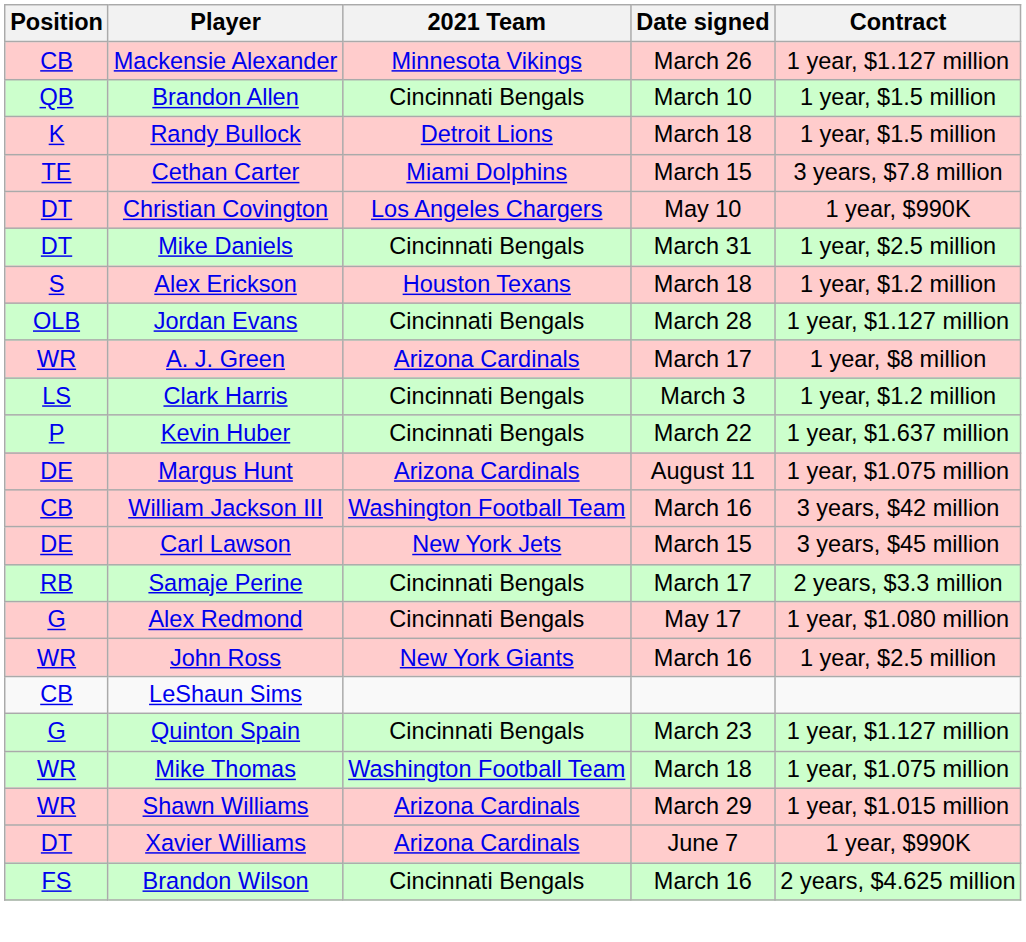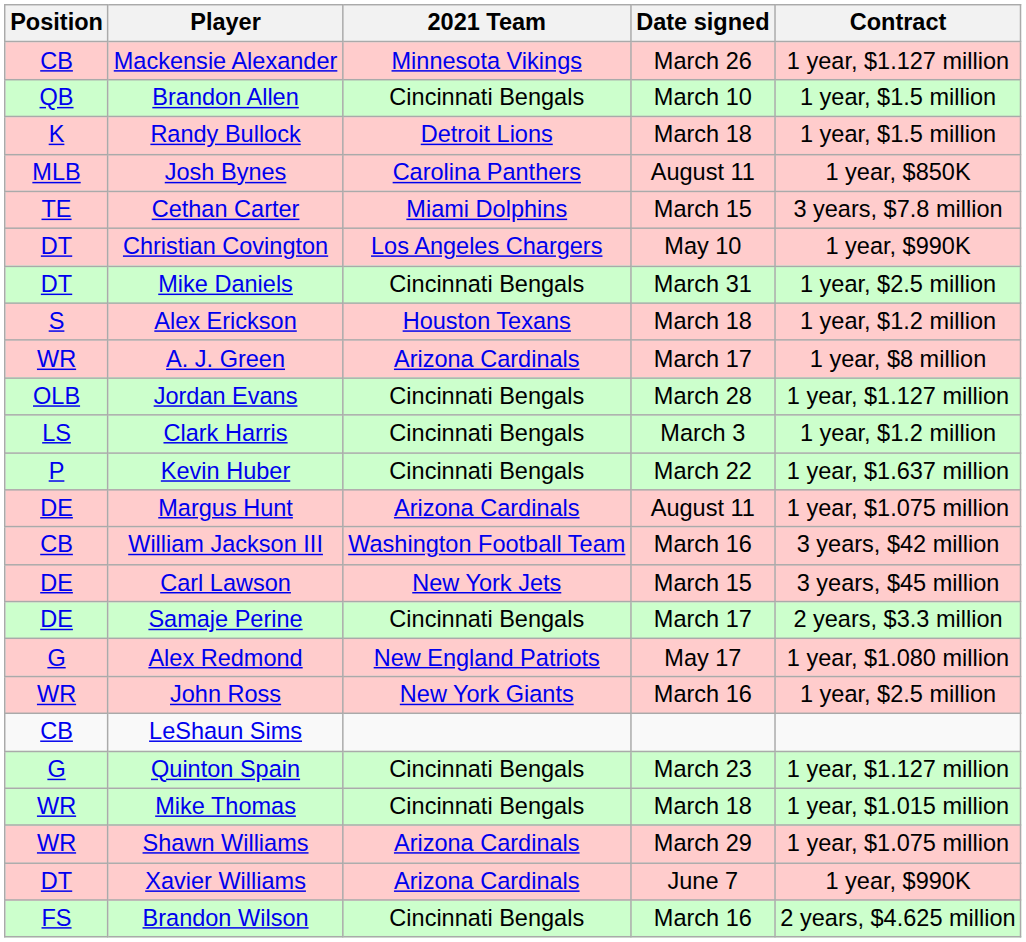 <table class="wikitable" style="text-align:center">
 <tr>
 <th>Position</th>
 <th>Player</th>
 <th>2021 Team</th>
 <th>Date signed</th>
 <th>Contract</th>
 </tr>
 <tr style="background:#fcc;">
 <td><a href='#'>CB</a></td>
 <td><a href='#'>Mackensie Alexander</a></td>
 <td><a href='#'>Minnesota Vikings</a></td>
 <td>March 26</td>
 <td>1 year, $1.127 million</td>
 </tr>
 <tr style="background:#cfc;">
 <td><a href='#'>QB</a></td>
 <td><a href='#'>Brandon Allen</a></td>
 <td>Cincinnati Bengals</td>
 <td>March 10</td>
 <td>1 year, $1.5 million</td>
 </tr>
 <tr style="background:#fcc;">
 <td><a href='#'>K</a></td>
 <td><a href='#'>Randy Bullock</a></td>
 <td><a href='#'>Detroit Lions</a></td>
 <td>March 18</td>
 <td>1 year, $1.5 million</td>
 </tr>
+<tr style="background:#fcc;">
+<td><a href='#'>MLB</a></td>
+<td><a href='#'>Josh Bynes</a></td>
+<td><a href='#'>Carolina Panthers</a></td>
+<td>August 11</td>
+<td>1 year, $850K</td>
+</tr>
 <tr style="background:#fcc">
 <td><a href='#'>TE</a></td>
 <td><a href='#'>Cethan Carter</a></td>
 <td><a href='#'>Miami Dolphins</a></td>
 <td>March 15</td>
 <td>3 years, $7.8 million</td>
 </tr>
 <tr style="background:#fcc">
 <td><a href='#'>DT</a></td>
 <td><a href='#'>Christian Covington</a></td>
 <td><a href='#'>Los Angeles Chargers</a></td>
 <td>May 10</td>
 <td>1 year, $990K</td>
 </tr>
 <tr style="background:#cfc;">
 <td><a href='#'>DT</a></td>
 <td><a href='#'>Mike Daniels</a></td>
 <td>Cincinnati Bengals</td>
 <td>March 31</td>
 <td>1 year, $2.5 million</td>
 </tr>
 <tr style="background:#fcc;">
 <td><a href='#'>S</a></td>
 <td><a href='#'>Alex Erickson</a></td>
 <td><a href='#'>Houston Texans</a></td>
 <td>March 18</td>
 <td>1 year, $1.2 million</td>
 </tr>
+<tr style="background:#fcc">
+<td><a href='#'>WR</a></td>
+<td><a href='#'>A. J. Green</a></td>
+<td><a href='#'>Arizona Cardinals</a></td>
+<td>March 17</td>
+<td>1 year, $8 million</td>
+</tr>
 <tr style="background:#cfc;">
 <td><a href='#'>OLB</a></td>
 <td><a href='#'>Jordan Evans</a></td>
 <td>Cincinnati Bengals</td>
 <td>March 28</td>
 <td>1 year, $1.127 million</td>
-</tr>
-<tr style="background:#fcc">
-<td><a href='#'>WR</a></td>
-<td><a href='#'>A. J. Green</a></td>
-<td><a href='#'>Arizona Cardinals</a></td>
-<td>March 17</td>
-<td>1 year, $8 million</td>
 </tr>
 <tr style="background:#cfc;">
 <td><a href='#'>LS</a></td>
 <td><a href='#'>Clark Harris</a></td>
 <td>Cincinnati Bengals</td>
 <td>March 3</td>
 <td>1 year, $1.2 million</td>
 </tr>
 <tr style="background:#cfc;">
 <td><a href='#'>P</a></td>
 <td><a href='#'>Kevin Huber</a></td>
 <td>Cincinnati Bengals</td>
 <td>March 22</td>
 <td>1 year, $1.637 million</td>
 </tr>
 <tr style="background:#fcc">
 <td><a href='#'>DE</a></td>
 <td><a href='#'>Margus Hunt</a></td>
 <td><a href='#'>Arizona Cardinals</a></td>
 <td>August 11</td>
 <td>1 year, $1.075 million</td>
 </tr>
 <tr style="background:#fcc">
 <td><a href='#'>CB</a></td>
 <td><a href='#'>William Jackson III</a></td>
 <td><a href='#'>Washington Football Team</a></td>
 <td>March 16</td>
 <td>3 years, $42 million</td>
 </tr>
 <tr style="background:#fcc">
 <td><a href='#'>DE</a></td>
 <td><a href='#'>Carl Lawson</a></td>
 <td><a href='#'>New York Jets</a></td>
 <td>March 15</td>
 <td>3 years, $45 million</td>
 </tr>
 <tr style="background:#cfc;">
-<td><a href='#'>RB</a></td>
+<td><a href='#'>DE</a></td>
 <td><a href='#'>Samaje Perine</a></td>
 <td>Cincinnati Bengals</td>
 <td>March 17</td>
 <td>2 years, $3.3 million</td>
 </tr>
 <tr style="background:#fcc">
 <td><a href='#'>G</a></td>
 <td><a href='#'>Alex Redmond</a></td>
-<td>Cincinnati Bengals</td>
+<td><a href='#'>New England Patriots</a></td>
 <td>May 17</td>
 <td>1 year, $1.080 million</td>
 </tr>
 <tr style="background:#fcc">
 <td><a href='#'>WR</a></td>
 <td><a href='#'>John Ross</a></td>
 <td><a href='#'>New York Giants</a></td>
 <td>March 16</td>
 <td>1 year, $2.5 million</td>
 </tr>
 <tr>
 <td><a href='#'>CB</a></td>
 <td><a href='#'>LeShaun Sims</a></td>
 <td></td>
 <td></td>
 <td></td>
 </tr>
 <tr style="background:#cfc;">
 <td><a href='#'>G</a></td>
 <td><a href='#'>Quinton Spain</a></td>
 <td>Cincinnati Bengals</td>
 <td>March 23</td>
 <td>1 year, $1.127 million</td>
 </tr>
 <tr style="background:#cfc;">
 <td><a href='#'>WR</a></td>
 <td><a href='#'>Mike Thomas</a></td>
-<td><a href='#'>Washington Football Team</a></td>
+<td>Cincinnati Bengals</td>
 <td>March 18</td>
-<td>1 year, $1.075 million</td>
+<td>1 year, $1.015 million</td>
 </tr>
 <tr style="background:#fcc">
 <td><a href='#'>WR</a></td>
 <td><a href='#'>Shawn Williams</a></td>
 <td><a href='#'>Arizona Cardinals</a></td>
 <td>March 29</td>
-<td>1 year, $1.015 million</td>
+<td>1 year, $1.075 million</td>
 </tr>
 <tr style="background:#fcc">
 <td><a href='#'>DT</a></td>
 <td><a href='#'>Xavier Williams</a></td>
 <td><a href='#'>Arizona Cardinals</a></td>
 <td>June 7</td>
 <td>1 year, $990K</td>
 </tr>
 <tr style="background:#cfc;">
 <td><a href='#'>FS</a></td>
 <td><a href='#'>Brandon Wilson</a></td>
 <td>Cincinnati Bengals</td>
 <td>March 16</td>
 <td>2 years, $4.625 million</td>
 </tr>
 </table>
